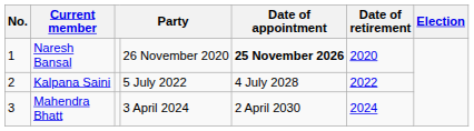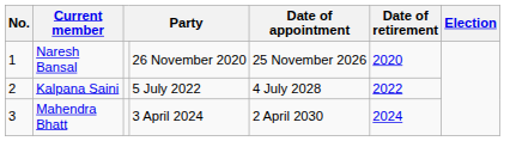 <table class="wikitable sortable">
 <tr>
 <th>No.</th>
 <th style="width:100px"><a href='#'>Current member</a></th>
 <th colspan=2>Party</th>
 <th>Date of<br>appointment</th>
 <th>Date of<br>retirement</th>
 <th><a href='#'>Election</a></th>
 </tr>
 <tr>
 <td>1</td>
 <td><a href='#'>Naresh Bansal</a></td>
 <td></td>
 <td>26 November 2020</td>
-<td><strong>25 November 2026</strong></td>
+<td>25 November 2026</td>
 <td><a href='#'>2020</a></td>
 </tr>
 <tr>
 <td>2</td>
 <td><a href='#'>Kalpana Saini</a></td>
 <td></td>
 <td>5 July 2022</td>
 <td>4 July 2028</td>
 <td><a href='#'>2022</a></td>
 </tr>
 <tr>
 <td>3</td>
 <td><a href='#'>Mahendra Bhatt</a></td>
 <td></td>
 <td>3 April 2024</td>
 <td>2 April 2030</td>
 <td><a href='#'>2024</a></td>
 </tr>
 </table>
